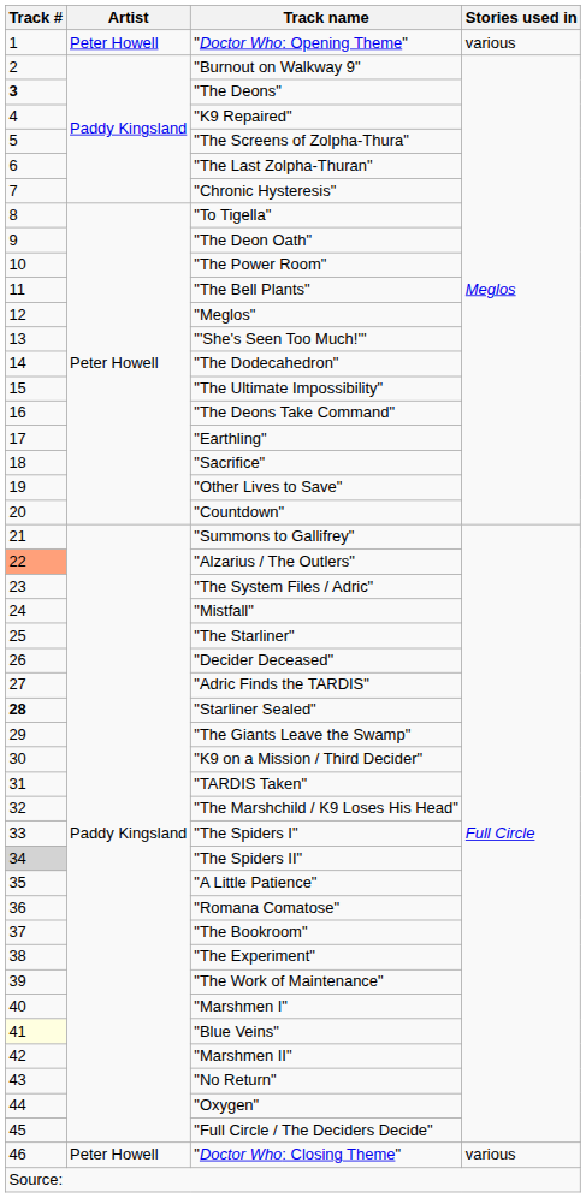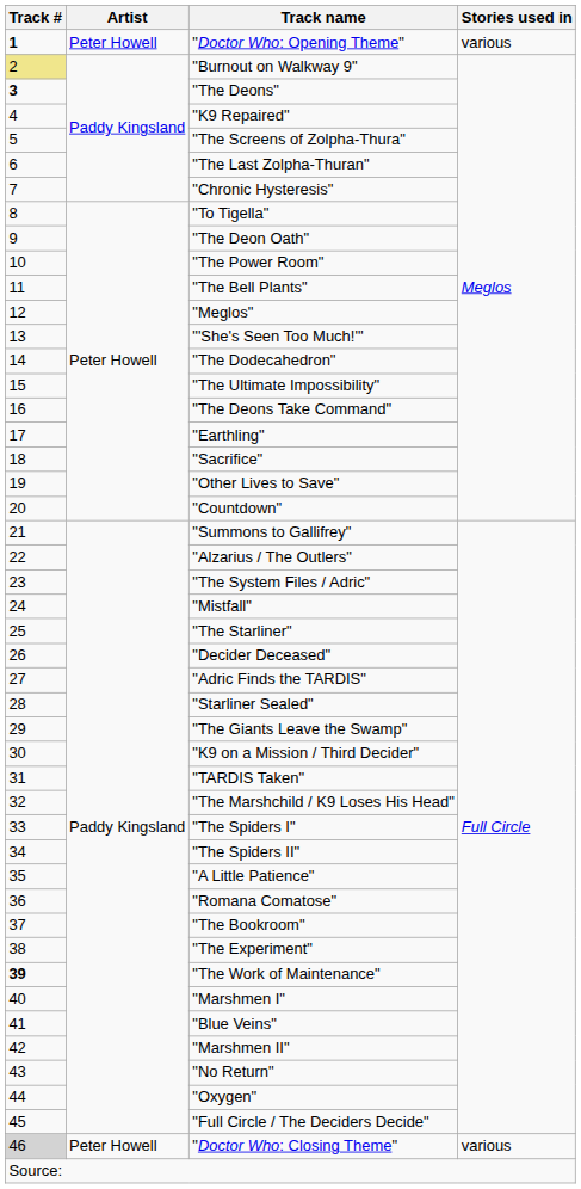 <table class="wikitable">
 <tr>
 <th>Track #</th>
 <th>Artist</th>
 <th>Track name</th>
 <th>Stories used in</th>
 </tr>
 <tr>
-<td>1</td>
+<td><strong>1</strong></td>
 <td><a href='#'>Peter Howell</a></td>
 <td>"<a href='#'><em>Doctor Who</em>: Opening Theme</a>"</td>
 <td>various</td>
 </tr>
 <tr>
-<td>2</td>
+<td style="background: khaki;">2</td>
 <td rowspan=6><a href='#'>Paddy Kingsland</a></td>
 <td>"Burnout on Walkway 9"</td>
 <td rowspan=19><em><a href='#'>Meglos</a></em></td>
 </tr>
 <tr>
 <td><strong>3</strong></td>
 <td>"The Deons"</td>
 </tr>
 <tr>
 <td>4</td>
 <td>"K9 Repaired"</td>
 </tr>
 <tr>
 <td>5</td>
 <td>"The Screens of Zolpha-Thura"</td>
 </tr>
 <tr>
 <td>6</td>
 <td>"The Last Zolpha-Thuran"</td>
 </tr>
 <tr>
 <td>7</td>
 <td>"Chronic Hysteresis"</td>
 </tr>
 <tr>
 <td>8</td>
 <td rowspan=13>Peter Howell</td>
 <td>"To Tigella"</td>
 </tr>
 <tr>
 <td>9</td>
 <td>"The Deon Oath"</td>
 </tr>
 <tr>
 <td>10</td>
 <td>"The Power Room"</td>
 </tr>
 <tr>
 <td>11</td>
 <td>"The Bell Plants"</td>
 </tr>
 <tr>
 <td>12</td>
 <td>"Meglos"</td>
 </tr>
 <tr>
 <td>13</td>
 <td>"'She's Seen Too Much!'"</td>
 </tr>
 <tr>
 <td>14</td>
 <td>"The Dodecahedron"</td>
 </tr>
 <tr>
 <td>15</td>
 <td>"The Ultimate Impossibility"</td>
 </tr>
 <tr>
 <td>16</td>
 <td>"The Deons Take Command"</td>
 </tr>
 <tr>
 <td>17</td>
 <td>"Earthling"</td>
 </tr>
 <tr>
 <td>18</td>
 <td>"Sacrifice"</td>
 </tr>
 <tr>
 <td>19</td>
 <td>"Other Lives to Save"</td>
 </tr>
 <tr>
 <td>20</td>
 <td>"Countdown"</td>
 </tr>
 <tr>
 <td>21</td>
 <td rowspan=25>Paddy Kingsland</td>
 <td>"Summons to Gallifrey"</td>
 <td rowspan=25><em><a href='#'>Full Circle</a></em></td>
 </tr>
 <tr>
-<td style="background: lightsalmon;">22</td>
+<td>22</td>
 <td>"Alzarius / The Outlers"</td>
 </tr>
 <tr>
 <td>23</td>
 <td>"The System Files / Adric"</td>
 </tr>
 <tr>
 <td>24</td>
 <td>"Mistfall"</td>
 </tr>
 <tr>
 <td>25</td>
 <td>"The Starliner"</td>
 </tr>
 <tr>
 <td>26</td>
 <td>"Decider Deceased"</td>
 </tr>
 <tr>
 <td>27</td>
 <td>"Adric Finds the TARDIS"</td>
 </tr>
 <tr>
-<td><strong>28</strong></td>
+<td>28</td>
 <td>"Starliner Sealed"</td>
 </tr>
 <tr>
 <td>29</td>
 <td>"The Giants Leave the Swamp"</td>
 </tr>
 <tr>
 <td>30</td>
 <td>"K9 on a Mission / Third Decider"</td>
 </tr>
 <tr>
 <td>31</td>
 <td>"TARDIS Taken"</td>
 </tr>
 <tr>
 <td>32</td>
 <td>"The Marshchild / K9 Loses His Head"</td>
 </tr>
 <tr>
 <td>33</td>
 <td>"The Spiders I"</td>
 </tr>
 <tr>
-<td style="background: lightgrey;">34</td>
+<td>34</td>
 <td>"The Spiders II"</td>
 </tr>
 <tr>
 <td>35</td>
 <td>"A Little Patience"</td>
 </tr>
 <tr>
 <td>36</td>
 <td>"Romana Comatose"</td>
 </tr>
 <tr>
 <td>37</td>
 <td>"The Bookroom"</td>
 </tr>
 <tr>
 <td>38</td>
 <td>"The Experiment"</td>
 </tr>
 <tr>
-<td>39</td>
+<td><strong>39</strong></td>
 <td>"The Work of Maintenance"</td>
 </tr>
 <tr>
 <td>40</td>
 <td>"Marshmen I"</td>
 </tr>
 <tr>
-<td style="background: lightyellow;">41</td>
+<td>41</td>
 <td>"Blue Veins"</td>
 </tr>
 <tr>
 <td>42</td>
 <td>"Marshmen II"</td>
 </tr>
 <tr>
 <td>43</td>
 <td>"No Return"</td>
 </tr>
 <tr>
 <td>44</td>
 <td>"Oxygen"</td>
 </tr>
 <tr>
 <td>45</td>
 <td>"Full Circle / The Deciders Decide"</td>
 </tr>
 <tr>
-<td>46</td>
+<td style="background: lightgrey;">46</td>
 <td>Peter Howell</td>
 <td>"<a href='#'><em>Doctor Who</em>: Closing Theme</a>"</td>
 <td>various</td>
 </tr>
 <tr>
 <td colspan=4>Source:</td>
 </tr>
 </table>
